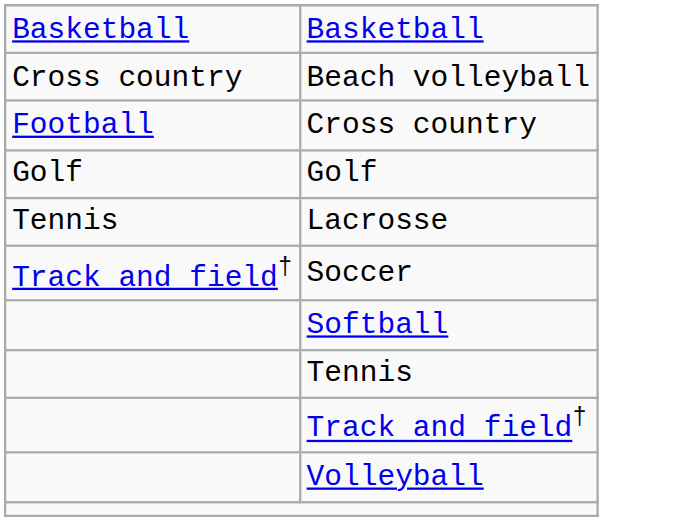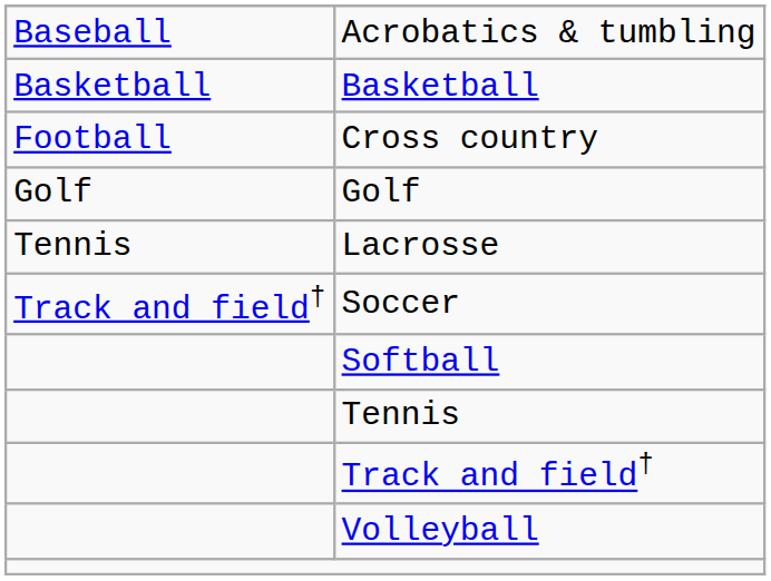 <table class="wikitable" style=" ">
 <tr>
 </tr>
 <tr>
+<td><a href='#'>Baseball</a></td>
+<td>Acrobatics & tumbling</td>
+</tr>
+<tr>
 <td><a href='#'>Basketball</a></td>
 <td><a href='#'>Basketball</a></td>
-</tr>
-<tr>
-<td>Cross country</td>
-<td>Beach volleyball</td>
 </tr>
 <tr>
 <td><a href='#'>Football</a></td>
 <td>Cross country</td>
 </tr>
 <tr>
 <td>Golf</td>
 <td>Golf</td>
 </tr>
 <tr>
 <td>Tennis</td>
 <td>Lacrosse</td>
 </tr>
 <tr>
 <td><a href='#'>Track and field</a><sup>†</sup></td>
 <td>Soccer</td>
 </tr>
 <tr>
 <td></td>
 <td><a href='#'>Softball</a></td>
 </tr>
 <tr>
 <td></td>
 <td>Tennis</td>
 </tr>
 <tr>
 <td></td>
 <td><a href='#'>Track and field</a><sup>†</sup></td>
 </tr>
 <tr>
 <td></td>
 <td><a href='#'>Volleyball</a></td>
 </tr>
 <tr>
 <td colspan="2"></td>
 </tr>
 </table>
